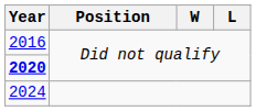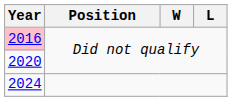 <table class="wikitable" style="text-align: center;">
 <tr>
 <th>Year</th>
 <th width="100">Position</th>
 <th width="25">W</th>
 <th width="25">L</th>
 </tr>
 <tr>
-<td> <a href='#'>2016</a></td>
+<td style="background: pink;"> <a href='#'>2016</a></td>
 <td colspan=3 align=center rowspan=2><em>Did not qualify</em></td>
 </tr>
 <tr>
-<td><strong> <a href='#'>2020</a></strong></td>
+<td> <a href='#'>2020</a></td>
 </tr>
 <tr>
 <td> <a href='#'>2024</a></td>
 </tr>
 </table>
